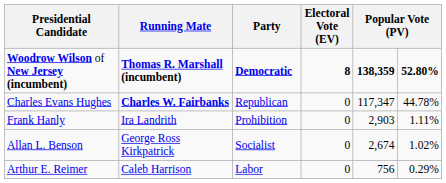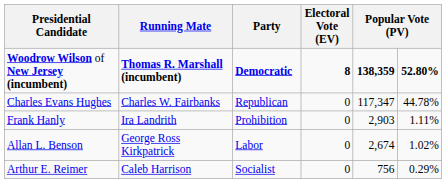 <table class="wikitable">
 <tr>
 <th width="25%">Presidential Candidate</th>
 <th width="25%"><a href='#'>Running Mate</a></th>
 <th width="15%">Party</th>
 <th width="9%">Electoral Vote (EV)</th>
 <th colspan="2" width="15%">Popular Vote (PV)</th>
 </tr>
 <tr>
 <td><strong><a href='#'>Woodrow Wilson</a></strong> of <strong><a href='#'>New Jersey</a></strong> <strong>(incumbent)</strong></td>
 <td><strong><a href='#'>Thomas R. Marshall</a></strong> <strong>(incumbent)</strong></td>
 <td><strong><a href='#'>Democratic</a></strong></td>
 <td align="right"><strong>8</strong></td>
 <td align="right"><strong>138,359</strong></td>
 <td align="right"><strong>52.80%</strong></td>
 </tr>
 <tr>
 <td><a href='#'>Charles Evans Hughes</a></td>
-<td><strong><a href='#'>Charles W. Fairbanks</a></strong></td>
+<td><a href='#'>Charles W. Fairbanks</a></td>
 <td><a href='#'>Republican</a></td>
 <td align="right">0</td>
 <td align="right">117,347</td>
 <td align="right">44.78%</td>
 </tr>
 <tr>
 <td><a href='#'>Frank Hanly</a></td>
 <td><a href='#'>Ira Landrith</a></td>
 <td><a href='#'>Prohibition</a></td>
 <td align="right">0</td>
 <td align="right">2,903</td>
 <td align="right">1.11%</td>
 </tr>
 <tr>
 <td><a href='#'>Allan L. Benson</a></td>
 <td><a href='#'>George Ross Kirkpatrick</a></td>
-<td><a href='#'>Socialist</a></td>
+<td><a href='#'>Labor</a></td>
 <td align="right">0</td>
 <td align="right">2,674</td>
 <td align="right">1.02%</td>
 </tr>
 <tr>
 <td><a href='#'>Arthur E. Reimer</a></td>
 <td><a href='#'>Caleb Harrison</a></td>
-<td><a href='#'>Labor</a></td>
+<td><a href='#'>Socialist</a></td>
 <td align="right">0</td>
 <td align="right">756</td>
 <td align="right">0.29%</td>
 </tr>
 </table>
